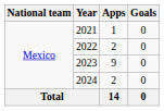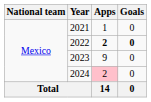 <table class="wikitable" style="text-align:center">
 <tr>
 <th>National team</th>
 <th>Year</th>
 <th>Apps</th>
 <th>Goals</th>
 </tr>
 <tr>
 <td rowspan="4"><a href='#'>Mexico</a></td>
 <td>2021</td>
 <td>1</td>
 <td>0</td>
 </tr>
 <tr>
 <td>2022</td>
-<td>2</td>
-<td>0</td>
+<td><strong>2</strong></td>
+<td><strong>0</strong></td>
 </tr>
 <tr>
 <td>2023</td>
 <td>9</td>
 <td>0</td>
 </tr>
 <tr>
 <td>2024</td>
-<td>2</td>
+<td style="background: pink;">2</td>
 <td>0</td>
 </tr>
 <tr>
 <th colspan="2">Total</th>
 <th>14</th>
 <th>0</th>
 </tr>
 </table>
